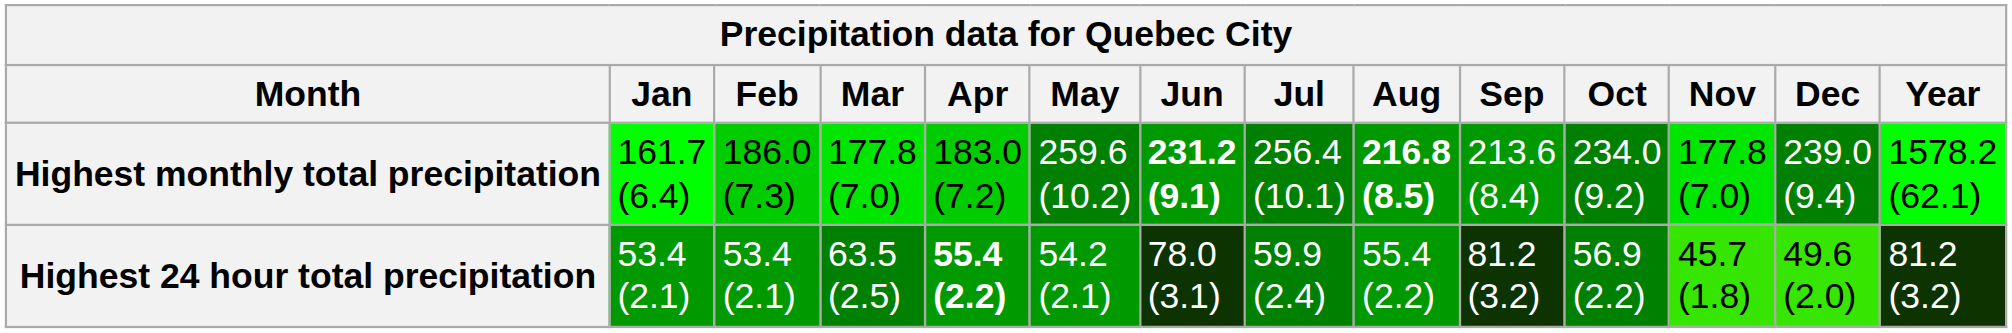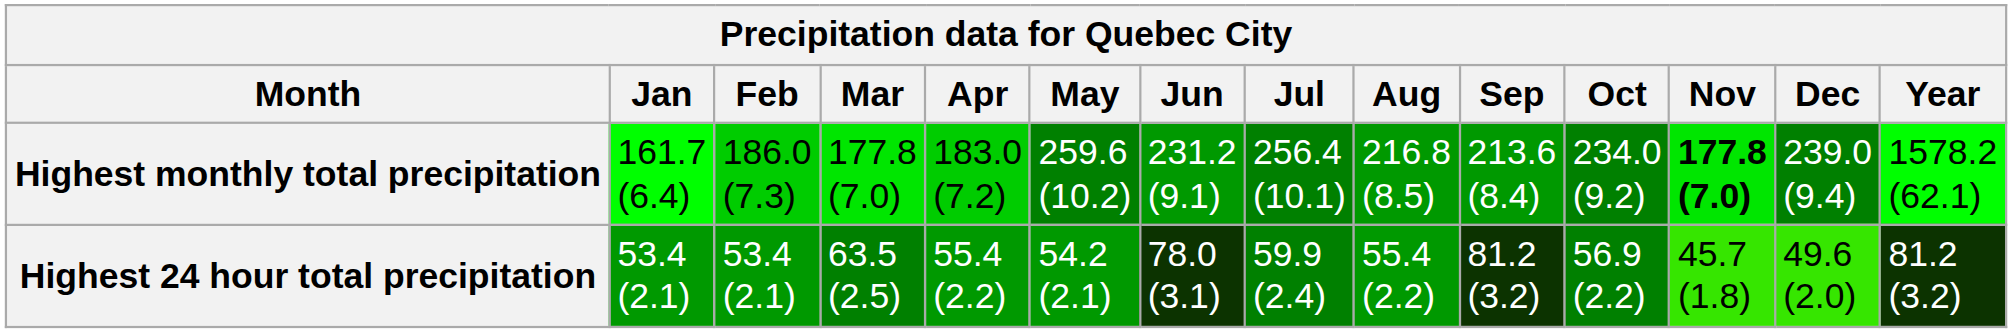 <table style="width:100%:text-align:center;line-height:1.2em;margin-left:auto;margin-left:auto;margin-right:auto"class="wikitable mw-collapsible mw-collapsed">
 <tr>
 <th Colspan=14>Precipitation data for Quebec City</th>
 </tr>
 <tr>
 <th>Month</th>
 <th>Jan</th>
 <th>Feb</th>
 <th>Mar</th>
 <th>Apr</th>
 <th>May</th>
 <th>Jun</th>
 <th>Jul</th>
 <th>Aug</th>
 <th>Sep</th>
 <th>Oct</th>
 <th>Nov</th>
 <th>Dec</th>
 <th>Year</th>
 </tr>
 <tr>
 <th>Highest monthly total precipitation</th>
 <td style="background:#00FF00;color:#000000;">161.7<br>(6.4)</td>
 <td style="background:#00CC00;color:#000000;">186.0<br>(7.3)</td>
 <td style="background:#00E600;color:#000000;">177.8<br>(7.0)</td>
 <td style="background:#00CC00;color:#000000;">183.0<br>(7.2)</td>
 <td style="background:#008000;color:#FFFFFF;">259.6<br>(10.2)</td>
-<td style="background:#009900;color:#FFFFFF;"><strong>231.2<br>(9.1)</strong></td>
+<td style="background:#009900;color:#FFFFFF;">231.2<br>(9.1)</td>
 <td style="background:#008000;color:#FFFFFF;">256.4<br>(10.1)</td>
-<td style="background:#009900;color:#FFFFFF;"><strong>216.8<br>(8.5)</strong></td>
+<td style="background:#009900;color:#FFFFFF;">216.8<br>(8.5)</td>
 <td style="background:#009900;color:#FFFFFF;">213.6<br>(8.4)</td>
 <td style="background:#008000;color:#FFFFFF;">234.0<br>(9.2)</td>
-<td style="background:#00E600;color:#000000;">177.8<br>(7.0)</td>
+<td style="background:#00E600;color:#000000;"><strong>177.8<br>(7.0)</strong></td>
 <td style="background:#008000;color:#FFFFFF;">239.0<br>(9.4)</td>
 <td style="background:#00FF00;color:#000000;">1578.2<br>(62.1)</td>
 </tr>
 <tr>
 <th>Highest 24 hour total precipitation</th>
 <td style="background:#009900;color:#FFFFFF;">53.4<br>(2.1)</td>
 <td style="background:#009900;color:#FFFFFF;">53.4<br>(2.1)</td>
 <td style="background:#008000;color:#FFFFFF;">63.5<br>(2.5)</td>
-<td style="background:#009900;color:#FFFFFF;"><strong>55.4<br>(2.2)</strong></td>
+<td style="background:#009900;color:#FFFFFF;">55.4<br>(2.2)</td>
 <td style="background:#009900;color:#FFFFFF;">54.2<br>(2.1)</td>
 <td style="background:#0C3300;color:#FFFFFF;">78.0<br>(3.1)</td>
 <td style="background:#008000;color:#FFFFFF;">59.9<br>(2.4)</td>
 <td style="background:#009900;color:#FFFFFF;">55.4<br>(2.2)</td>
 <td style="background:#0C3300;color:#FFFFFF;">81.2<br>(3.2)</td>
 <td style="background:#008000;color:#FFFFFF;">56.9<br>(2.2)</td>
 <td style="background:#36E600;color:#000000;">45.7<br>(1.8)</td>
 <td style="background:#36E600;color:#000000;">49.6<br>(2.0)</td>
 <td style="background:#0C3300;color:#FFFFFF;">81.2<br>(3.2)</td>
 </tr>
 </table>
